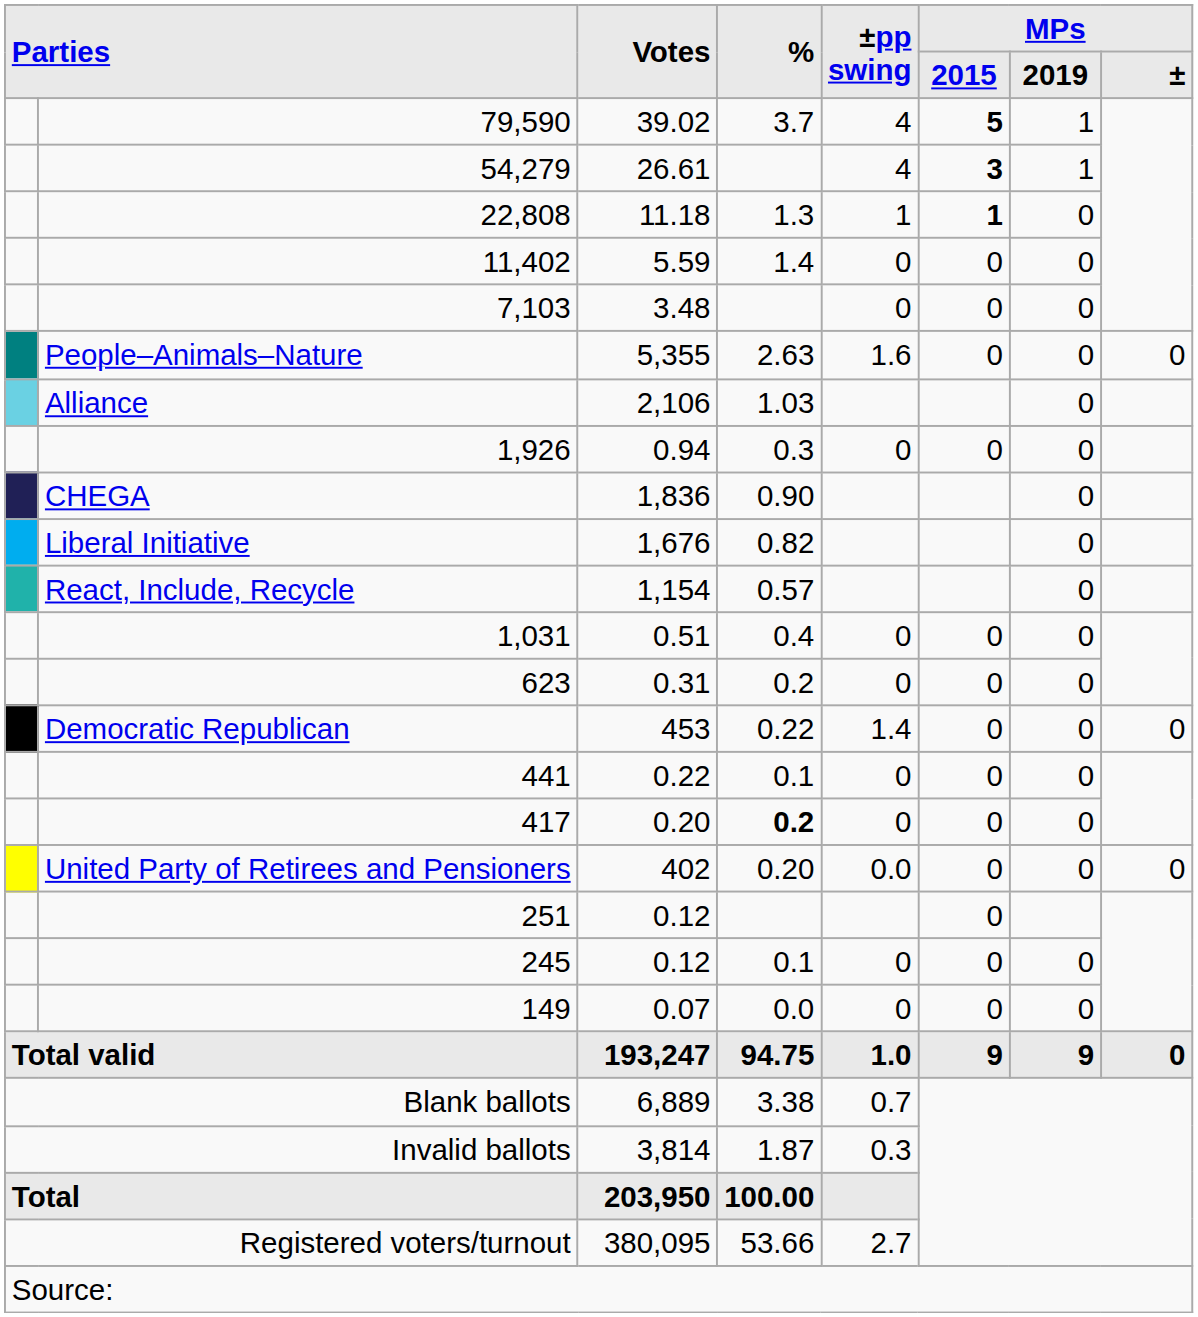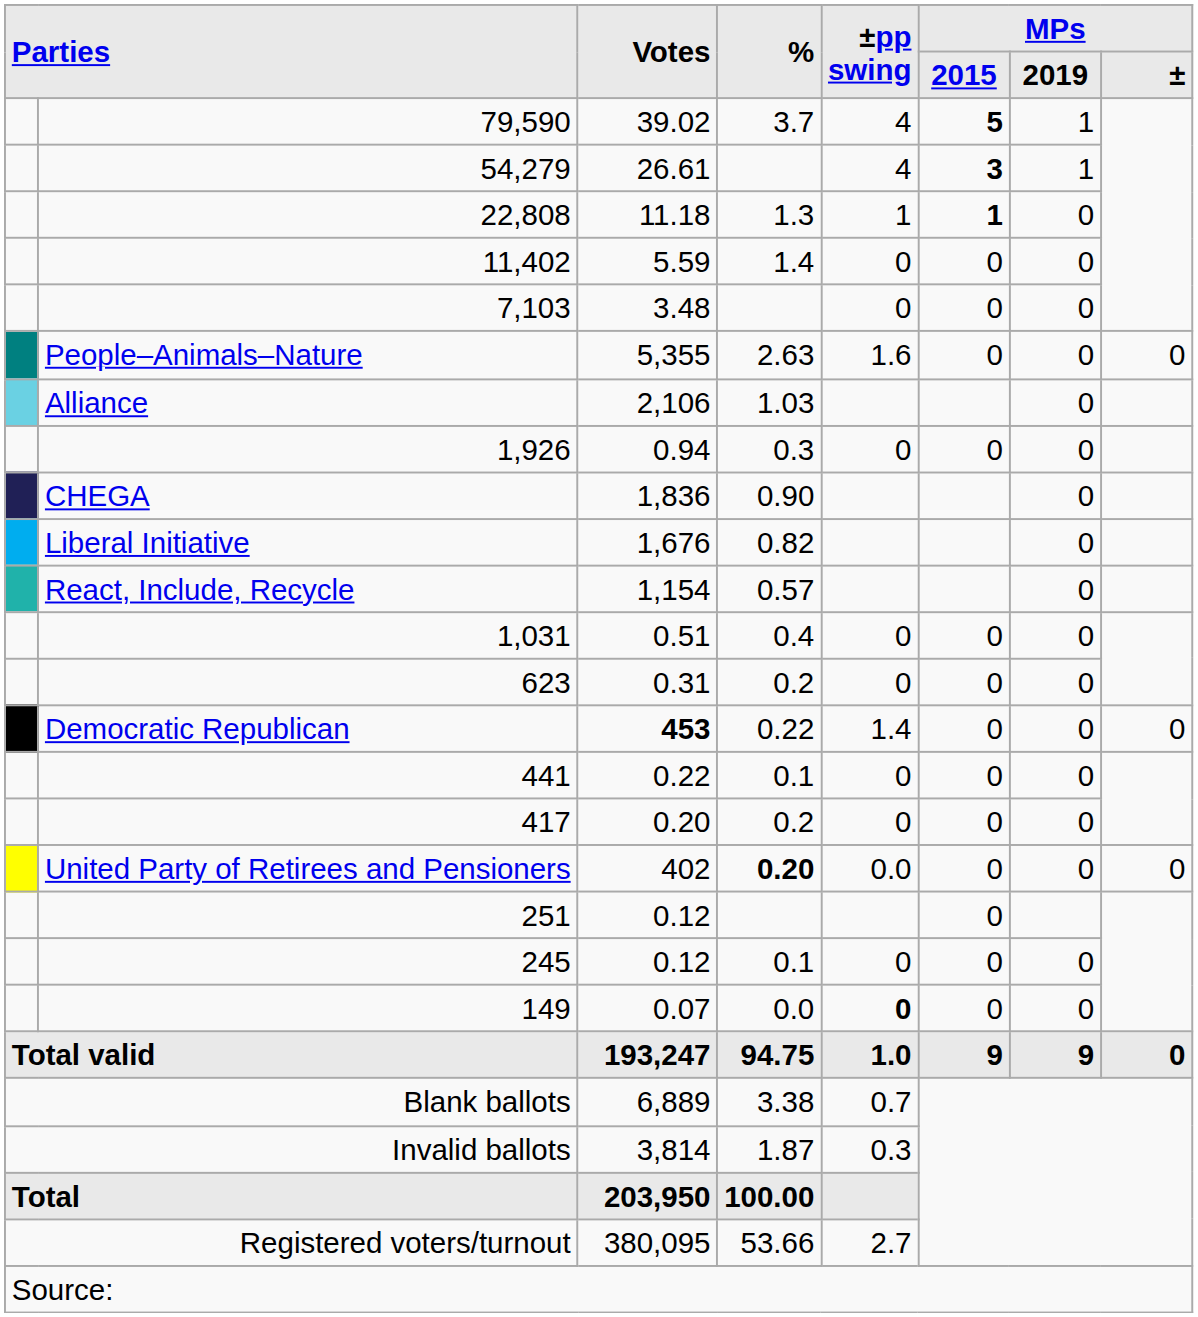 <table class="wikitable" style="text-align:right; font-size:95%;">
 <tr>
 <th rowspan="2" colspan="2" style="background:#e9e9e9; text-align:left;" alignleft><a href='#'>Parties</a></th>
 <th rowspan="2" style="background:#e9e9e9; text-align:right;">Votes</th>
 <th rowspan="2" style="background:#e9e9e9; text-align:right;">%</th>
 <th rowspan="2" style="background:#e9e9e9; text-align:right;">±<a href='#'>pp</a> <a href='#'>swing</a></th>
 <th colspan="3" style="background:#e9e9e9; text-align:center;"><a href='#'>MPs</a></th>
 </tr>
 <tr style="background-color:#E9E9E9">
 <th style="background-color:#E9E9E9;text-align:center;"><a href='#'>2015</a></th>
 <th style="background-color:#E9E9E9;text-align:center;">2019</th>
 <th style="background:#e9e9e9; text-align:right;">±</th>
 </tr>
 <tr>
 <td></td>
 <td>79,590</td>
 <td>39.02</td>
 <td>3.7</td>
 <td>4</td>
 <td><strong>5</strong></td>
 <td>1</td>
 </tr>
 <tr>
 <td></td>
 <td>54,279</td>
 <td>26.61</td>
 <td></td>
 <td>4</td>
 <td><strong>3</strong></td>
 <td>1</td>
 </tr>
 <tr>
 <td></td>
 <td>22,808</td>
 <td>11.18</td>
 <td>1.3</td>
 <td>1</td>
 <td><strong>1</strong></td>
 <td>0</td>
 </tr>
 <tr>
 <td></td>
 <td>11,402</td>
 <td>5.59</td>
 <td>1.4</td>
 <td>0</td>
 <td>0</td>
 <td>0</td>
 </tr>
 <tr>
 <td></td>
 <td>7,103</td>
 <td>3.48</td>
 <td></td>
 <td>0</td>
 <td>0</td>
 <td>0</td>
 </tr>
 <tr>
 <td style="width: 10px" bgcolor="teal" align="center"></td>
 <td align="left"><a href='#'>People–Animals–Nature</a></td>
 <td>5,355</td>
 <td>2.63</td>
 <td>1.6</td>
 <td>0</td>
 <td>0</td>
 <td>0</td>
 </tr>
 <tr>
 <td style="width: 10px" bgcolor="#6AD1E3" align="center"></td>
 <td align="left"><a href='#'>Alliance</a></td>
 <td>2,106</td>
 <td>1.03</td>
 <td></td>
 <td></td>
 <td>0</td>
 <td></td>
 </tr>
 <tr>
 <td></td>
 <td>1,926</td>
 <td>0.94</td>
 <td>0.3</td>
 <td>0</td>
 <td>0</td>
 <td>0</td>
 </tr>
 <tr>
 <td style="width: 10px" bgcolor="#202056" align="center"></td>
 <td align="left"><a href='#'>CHEGA</a></td>
 <td>1,836</td>
 <td>0.90</td>
 <td></td>
 <td></td>
 <td>0</td>
 <td></td>
 </tr>
 <tr>
 <td style="width: 10px" bgcolor="#00ADEF" align="center"></td>
 <td align="left"><a href='#'>Liberal Initiative</a></td>
 <td>1,676</td>
 <td>0.82</td>
 <td></td>
 <td></td>
 <td>0</td>
 <td></td>
 </tr>
 <tr>
 <td style="width: 10px" bgcolor=LightSeaGreen align="center"></td>
 <td align=left><a href='#'>React, Include, Recycle</a></td>
 <td>1,154</td>
 <td>0.57</td>
 <td></td>
 <td></td>
 <td>0</td>
 <td></td>
 </tr>
 <tr>
 <td></td>
 <td>1,031</td>
 <td>0.51</td>
 <td>0.4</td>
 <td>0</td>
 <td>0</td>
 <td>0</td>
 </tr>
 <tr>
 <td></td>
 <td>623</td>
 <td>0.31</td>
 <td>0.2</td>
 <td>0</td>
 <td>0</td>
 <td>0</td>
 </tr>
 <tr>
 <td style="width: 10px" bgcolor=black align="center"></td>
 <td align=left><a href='#'>Democratic Republican</a></td>
-<td>453</td>
+<td><strong>453</strong></td>
 <td>0.22</td>
 <td>1.4</td>
 <td>0</td>
 <td>0</td>
 <td>0</td>
 </tr>
 <tr>
 <td></td>
 <td>441</td>
 <td>0.22</td>
 <td>0.1</td>
 <td>0</td>
 <td>0</td>
 <td>0</td>
 </tr>
 <tr>
 <td></td>
 <td>417</td>
 <td>0.20</td>
-<td><strong>0.2</strong></td>
+<td>0.2</td>
 <td>0</td>
 <td>0</td>
 <td>0</td>
 </tr>
 <tr>
 <td style="width: 10px" bgcolor=yellow align="center"></td>
 <td align=left><a href='#'>United Party of Retirees and Pensioners</a></td>
 <td>402</td>
-<td>0.20</td>
+<td><strong>0.20</strong></td>
 <td>0.0</td>
 <td>0</td>
 <td>0</td>
 <td>0</td>
 </tr>
 <tr>
 <td></td>
 <td>251</td>
 <td>0.12</td>
 <td></td>
 <td></td>
 <td>0</td>
 <td></td>
 </tr>
 <tr>
 <td></td>
 <td>245</td>
 <td>0.12</td>
 <td>0.1</td>
 <td>0</td>
 <td>0</td>
 <td>0</td>
 </tr>
 <tr>
 <td></td>
 <td>149</td>
 <td>0.07</td>
 <td>0.0</td>
-<td>0</td>
+<td><strong>0</strong></td>
 <td>0</td>
 <td>0</td>
 </tr>
 <tr>
 <td colspan=2 align=left style="background-color:#E9E9E9"><strong>Total valid</strong></td>
 <td width="65" align="right" style="background-color:#E9E9E9"><strong>193,247</strong></td>
 <td width="40" align="right" style="background-color:#E9E9E9"><strong>94.75</strong></td>
 <td width="40" align="right" style="background-color:#E9E9E9"><strong>1.0</strong></td>
 <td width="40" align="right" style="background-color:#E9E9E9"><strong>9</strong></td>
 <td width="40" align="right" style="background-color:#E9E9E9"><strong>9</strong></td>
 <td width="40" align="right" style="background-color:#E9E9E9"><strong>0</strong></td>
 </tr>
 <tr>
 <td colspan=2>Blank ballots</td>
 <td>6,889</td>
 <td>3.38</td>
 <td>0.7</td>
 <td colspan=4 rowspan=4></td>
 </tr>
 <tr>
 <td colspan=2>Invalid ballots</td>
 <td>3,814</td>
 <td>1.87</td>
 <td>0.3</td>
 </tr>
 <tr>
 <td colspan=2 width="259" align=left style="background-color:#E9E9E9"><strong>Total</strong></td>
 <td width="50" align="right" style="background-color:#E9E9E9"><strong>203,950</strong></td>
 <td width="40" align="right" style="background-color:#E9E9E9"><strong>100.00</strong></td>
 <td width="40" align="right" style="background-color:#E9E9E9"></td>
 </tr>
 <tr>
 <td colspan=2>Registered voters/turnout</td>
 <td>380,095</td>
 <td>53.66</td>
 <td>2.7</td>
 </tr>
 <tr>
 <td colspan=11 align=left>Source: </td>
 </tr>
 </table>
